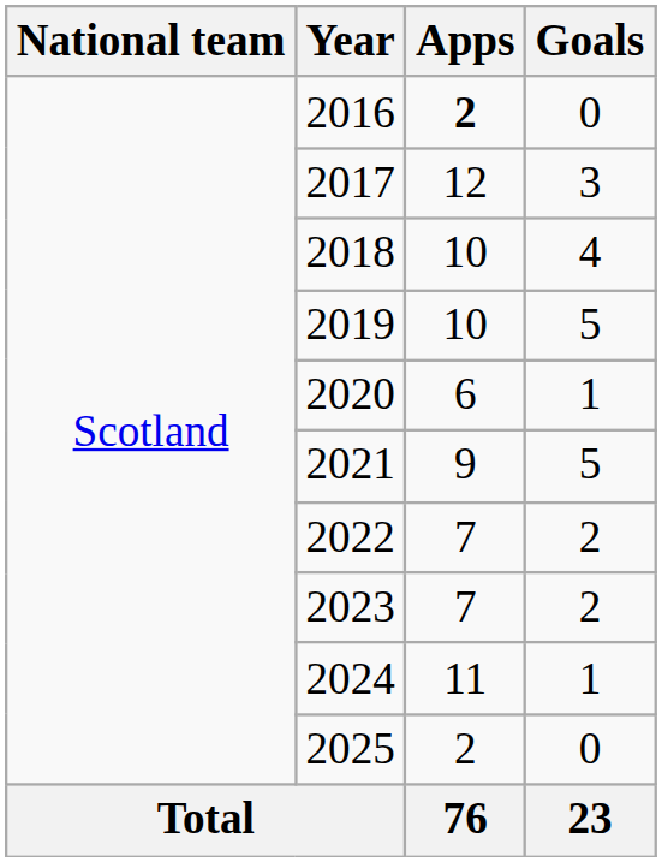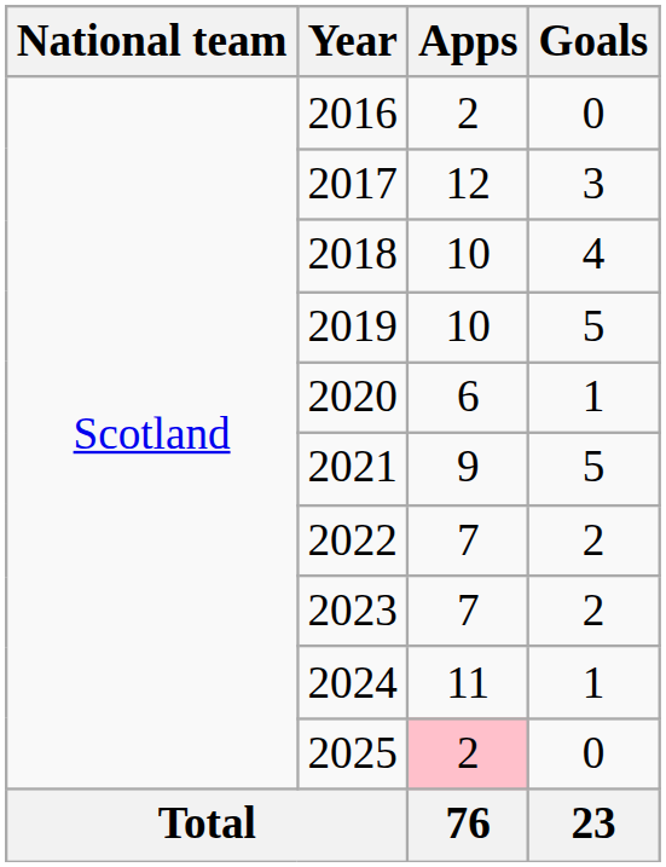 <table class="wikitable" style="text-align:center">
 <tr>
 <th>National team</th>
 <th>Year</th>
 <th>Apps</th>
 <th>Goals</th>
 </tr>
 <tr>
 <td rowspan="10"><a href='#'>Scotland</a></td>
 <td>2016</td>
-<td><strong>2</strong></td>
+<td>2</td>
 <td>0</td>
 </tr>
 <tr>
 <td>2017</td>
 <td>12</td>
 <td>3</td>
 </tr>
 <tr>
 <td>2018</td>
 <td>10</td>
 <td>4</td>
 </tr>
 <tr>
 <td>2019</td>
 <td>10</td>
 <td>5</td>
 </tr>
 <tr>
 <td>2020</td>
 <td>6</td>
 <td>1</td>
 </tr>
 <tr>
 <td>2021</td>
 <td>9</td>
 <td>5</td>
 </tr>
 <tr>
 <td>2022</td>
 <td>7</td>
 <td>2</td>
 </tr>
 <tr>
 <td>2023</td>
 <td>7</td>
 <td>2</td>
 </tr>
 <tr>
 <td>2024</td>
 <td>11</td>
 <td>1</td>
 </tr>
 <tr>
 <td>2025</td>
-<td>2</td>
+<td style="background: pink;">2</td>
 <td>0</td>
 </tr>
 <tr>
 <th colspan="2">Total</th>
 <th>76</th>
 <th>23</th>
 </tr>
 </table>
